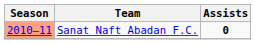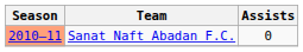 <table class="wikitable" style="text-align: center;">
 <tr>
 <th>Season</th>
 <th>Team</th>
 <th>Assists</th>
 </tr>
 <tr>
 <td style="background: lightsalmon;"><a href='#'>2010–11</a></td>
 <td align="left"><a href='#'>Sanat Naft Abadan F.C.</a></td>
-<td><strong>0</strong></td>
+<td>0</td>
 </tr>
 <tr>
 </tr>
 </table>
